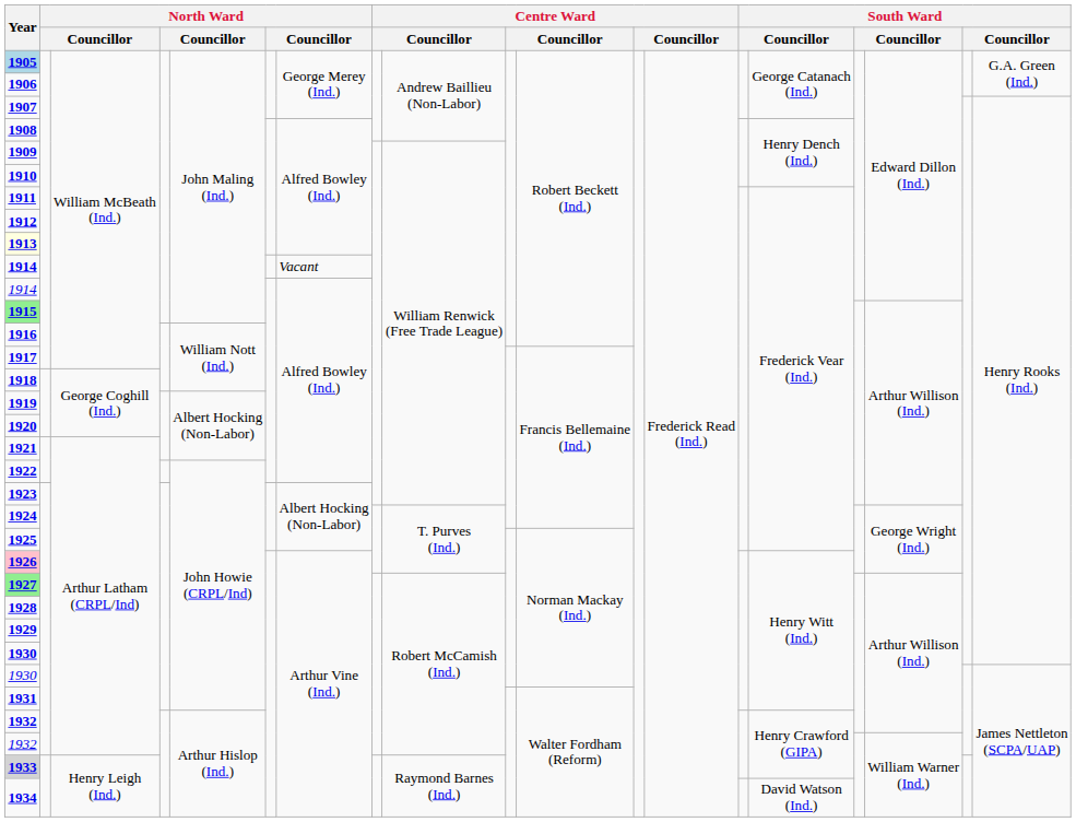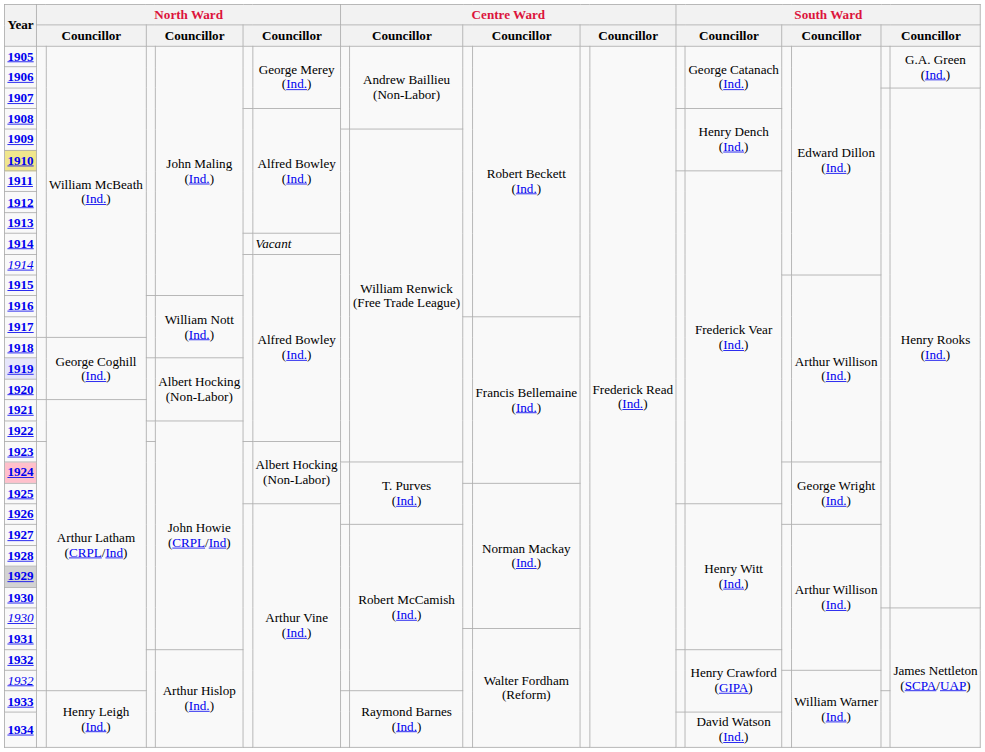 <table class="wikitable">
 <tr>
 <th rowspan="2">Year</th>
 <th style="color:crimson"; colspan="6">North Ward</th>
 <th style="color:crimson"; colspan="6">Centre Ward</th>
 <th style="color:crimson"; colspan="6">South Ward</th>
 </tr>
 <tr>
 <th colspan="2">Councillor</th>
 <th colspan="2">Councillor</th>
 <th colspan="2">Councillor</th>
 <th colspan="2">Councillor</th>
 <th colspan="2">Councillor</th>
 <th colspan="2">Councillor</th>
 <th colspan="2">Councillor</th>
 <th colspan="2">Councillor</th>
 <th colspan="2">Councillor</th>
 </tr>
 <tr>
-<td style="background: lightblue;"><strong><a href='#'>1905</a></strong></td>
+<td><strong><a href='#'>1905</a></strong></td>
 <td rowspan="14" width="1px" > </td>
 <td rowspan="14"; align="center">William McBeath <br> (<a href='#'>Ind.</a>)</td>
 <td rowspan="12" width="1px" > </td>
 <td rowspan="12"; align="center">John Maling <br> (<a href='#'>Ind.</a>)</td>
 <td rowspan="3" width="1px" > </td>
 <td rowspan="3"; align="center">George Merey <br> (<a href='#'>Ind.</a>)</td>
 <td rowspan="4" width="1px" > </td>
 <td rowspan="4"; align="center">Andrew Baillieu <br> (Non-Labor)</td>
 <td rowspan="13" width="1px" > </td>
 <td rowspan="13"; align="center">Robert Beckett <br> (<a href='#'>Ind.</a>)</td>
 <td rowspan="35" width="1px" > </td>
 <td rowspan="35"; align="center">Frederick Read <br> (<a href='#'>Ind.</a>)</td>
 <td rowspan="3" width="1px" > </td>
 <td rowspan="3"; align="center">George Catanach <br> (<a href='#'>Ind.</a>)</td>
 <td rowspan="11" width="1px" > </td>
 <td rowspan="11"; align="center">Edward Dillon <br> (<a href='#'>Ind.</a>)</td>
 <td rowspan="2" width="1px" > </td>
 <td rowspan="2"; align="center">G.A. Green <br> (<a href='#'>Ind.</a>)</td>
 </tr>
 <tr>
 <td><strong><a href='#'>1906</a></strong></td>
 </tr>
 <tr>
 <td><strong><a href='#'>1907</a></strong></td>
 <td rowspan="25" width="1px" > </td>
 <td rowspan="25"; align="center">Henry Rooks <br> (<a href='#'>Ind.</a>)</td>
 </tr>
 <tr>
 <td><strong><a href='#'>1908</a></strong></td>
 <td rowspan="6" width="1px" > </td>
 <td rowspan="6"; align="center">Alfred Bowley <br> (<a href='#'>Ind.</a>)</td>
 <td rowspan="3 " width="1px" > </td>
 <td rowspan="3"; align="center">Henry Dench <br> (<a href='#'>Ind.</a>)</td>
 </tr>
 <tr>
 <td><strong><a href='#'>1909</a></strong></td>
 <td rowspan="16" width="1px" > </td>
 <td rowspan="16"; align="center">William Renwick <br> (Free Trade League)</td>
 </tr>
 <tr>
-<td><strong><a href='#'>1910</a></strong></td>
+<td style="background: khaki;"><strong><a href='#'>1910</a></strong></td>
 </tr>
 <tr>
 <td><strong><a href='#'>1911</a></strong></td>
 <td rowspan="16" width="1px" > </td>
 <td rowspan="16"; align="center">Frederick Vear <br> (<a href='#'>Ind.</a>)</td>
 </tr>
 <tr>
 <td><strong><a href='#'>1912</a></strong></td>
 </tr>
 <tr>
-<td style="background: lightyellow;"><strong><a href='#'>1913</a></strong></td>
+<td><strong><a href='#'>1913</a></strong></td>
 </tr>
 <tr>
 <td><strong><a href='#'>1914</a></strong></td>
 <td colspan="1"; width="1px" > </td>
 <td colspan="2";><em>Vacant</em></td>
 </tr>
 <tr>
 <td><em><a href='#'>1914</a></em></td>
 <td rowspan="9" width="1px" > </td>
 <td rowspan="9"; align="center">Alfred Bowley <br> (<a href='#'>Ind.</a>)</td>
 </tr>
 <tr>
-<td style="background: lightgreen;"><strong><a href='#'>1915</a></strong></td>
+<td><strong><a href='#'>1915</a></strong></td>
 <td rowspan="9" width="1px" > </td>
 <td rowspan="9"; align="center">Arthur Willison <br> (<a href='#'>Ind.</a>)</td>
 </tr>
 <tr>
 <td><strong><a href='#'>1916</a></strong></td>
 <td rowspan="3" width="1px" > </td>
 <td rowspan="3"; align="center">William Nott <br> (<a href='#'>Ind.</a>)</td>
 </tr>
 <tr>
 <td><strong><a href='#'>1917</a></strong></td>
 <td rowspan="8" width="1px" > </td>
 <td rowspan="8"; align="center">Francis Bellemaine <br> (<a href='#'>Ind.</a>)</td>
 </tr>
 <tr>
 <td><strong><a href='#'>1918</a></strong></td>
 <td rowspan="3" width="1px" > </td>
 <td rowspan="3"; align="center">George Coghill <br> (<a href='#'>Ind.</a>)</td>
 </tr>
 <tr>
-<td><strong><a href='#'>1919</a></strong></td>
+<td style="background: lavender;"><strong><a href='#'>1919</a></strong></td>
 <td rowspan="3" width="1px" > </td>
 <td rowspan="3"; align="center">Albert Hocking <br> (Non-Labor)</td>
 </tr>
 <tr>
 <td><strong><a href='#'>1920</a></strong></td>
 </tr>
 <tr>
 <td><strong><a href='#'>1921</a></strong></td>
 <td rowspan="2" width="1px" > </td>
 <td rowspan="14"; align="center">Arthur Latham <br> (<a href='#'>CRPL</a>/<a href='#'>Ind</a>)</td>
 </tr>
 <tr>
 <td><strong><a href='#'>1922</a></strong></td>
 <td rowspan="1" width="1px" > </td>
 <td rowspan="11"; align="center">John Howie <br> (<a href='#'>CRPL</a>/<a href='#'>Ind</a>)</td>
 </tr>
 <tr>
 <td><strong><a href='#'>1923</a></strong></td>
 <td rowspan="12" width="1px" > </td>
 <td rowspan="10" width="1px" > </td>
 <td rowspan="3" width="1px" > </td>
 <td rowspan="3"; align="center">Albert Hocking <br> (Non-Labor)</td>
 </tr>
 <tr>
-<td><strong><a href='#'>1924</a></strong></td>
+<td style="background: pink;"><strong><a href='#'>1924</a></strong></td>
 <td rowspan="3" width="1px" > </td>
 <td rowspan="3"; align="center">T. Purves <br> (<a href='#'>Ind.</a>)</td>
 <td rowspan="3" width="1px" > </td>
 <td rowspan="3"; align="center">George Wright <br> (<a href='#'>Ind.</a>)</td>
 </tr>
 <tr>
 <td><strong><a href='#'>1925</a></strong></td>
 <td rowspan="7" width="1px" > </td>
 <td rowspan="7"; align="center">Norman Mackay <br> (<a href='#'>Ind.</a>)</td>
 </tr>
 <tr>
-<td style="background: pink;"><strong><a href='#'>1926</a></strong></td>
+<td><strong><a href='#'>1926</a></strong></td>
 <td rowspan="15" width="1px" > </td>
 <td rowspan="15"; align="center">Arthur Vine <br> (<a href='#'>Ind.</a>)</td>
 <td rowspan="7" width="1px" > </td>
 <td rowspan="7"; align="center">Henry Witt <br> (<a href='#'>Ind.</a>)</td>
 </tr>
 <tr>
-<td style="background: lightgreen;"><strong><a href='#'>1927</a></strong></td>
+<td><strong><a href='#'>1927</a></strong></td>
 <td rowspan="8" width="1px" > </td>
 <td rowspan="8"; align="center">Robert McCamish <br> (<a href='#'>Ind.</a>)</td>
 <td rowspan="7" width="1px" > </td>
 <td rowspan="7"; align="center">Arthur Willison <br> (<a href='#'>Ind.</a>)</td>
 </tr>
 <tr>
 <td><strong><a href='#'>1928</a></strong></td>
 </tr>
 <tr>
-<td><strong><a href='#'>1929</a></strong></td>
+<td style="background: lightgrey;"><strong><a href='#'>1929</a></strong></td>
 </tr>
 <tr>
 <td><strong><a href='#'>1930</a></strong></td>
 </tr>
 <tr>
 <td><em><a href='#'>1930</a></em></td>
 <td rowspan="4" width="1px" > </td>
 <td rowspan="7"; align="center">James Nettleton <br> (<a href='#'>SCPA</a>/<a href='#'>UAP</a>)</td>
 </tr>
 <tr>
 <td><strong><a href='#'>1931</a></strong></td>
 <td rowspan="6" width="1px" > </td>
 <td rowspan="6"; align="center">Walter Fordham <br> (Reform)</td>
 </tr>
 <tr>
 <td><strong><a href='#'>1932</a></strong></td>
 <td rowspan="4" width="1px" > </td>
 <td rowspan="4"; align="center">Arthur Hislop <br> (<a href='#'>Ind.</a>)</td>
 <td rowspan="3" width="1px" > </td>
 <td rowspan="3"; align="center">Henry Crawford <br> (<a href='#'>GIPA</a>)</td>
 </tr>
 <tr>
 <td><em><a href='#'>1932</a></em></td>
 <td rowspan="4" width="1px" > </td>
 <td rowspan="4"; align="center">William Warner <br> (<a href='#'>Ind.</a>)</td>
 </tr>
 <tr>
-<td style="background: lightgrey;"><strong><a href='#'>1933</a></strong></td>
+<td><strong><a href='#'>1933</a></strong></td>
 <td rowspan="3" width="1px" > </td>
 <td rowspan="3"; align="center">Henry Leigh <br> (<a href='#'>Ind.</a>)</td>
 <td rowspan="3" width="1px" > </td>
 <td rowspan="3"; align="center">Raymond Barnes <br> (<a href='#'>Ind.</a>)</td>
 <td rowspan="10" width="1px" > </td>
 </tr>
 <tr>
 <td><strong><a href='#'>1934</a></strong></td>
 <td rowspan="3" width="1px" > </td>
 <td rowspan="3"; align="center">David Watson <br> (<a href='#'>Ind.</a>)</td>
 </tr>
 </table>
